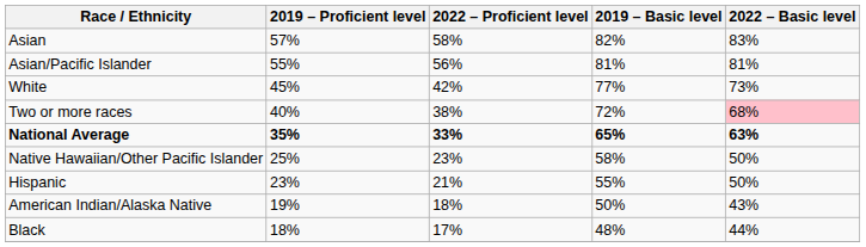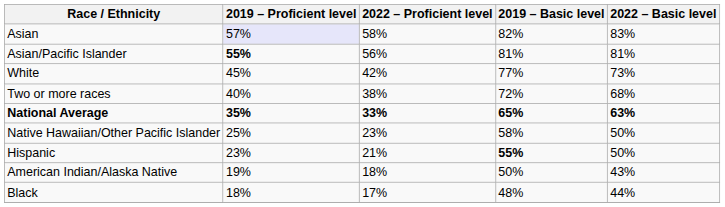 <table class="wikitable sortable">
 <tr>
 <th class="unsortable">Race / Ethnicity</th>
 <th class="unsortable">2019 – Proficient level</th>
 <th class="unsortable">2022 – Proficient level</th>
 <th class="unsortable">2019 – Basic level</th>
 <th class="unsortable">2022 – Basic level</th>
 </tr>
 <tr>
 <td>Asian</td>
-<td>57%</td>
+<td style="background: lavender;">57%</td>
 <td>58%</td>
 <td>82%</td>
 <td>83%</td>
 </tr>
 <tr>
 <td>Asian/Pacific Islander</td>
-<td>55%</td>
+<td><strong>55%</strong></td>
 <td>56%</td>
 <td>81%</td>
 <td>81%</td>
 </tr>
 <tr>
 <td>White</td>
 <td>45%</td>
 <td>42%</td>
 <td>77%</td>
 <td>73%</td>
 </tr>
 <tr>
 <td>Two or more races</td>
 <td>40%</td>
 <td>38%</td>
 <td>72%</td>
-<td style="background: pink;">68%</td>
+<td>68%</td>
 </tr>
 <tr>
 <td><strong>National Average</strong></td>
 <td><strong>35%</strong></td>
 <td><strong>33%</strong></td>
 <td><strong>65%</strong></td>
 <td><strong>63%</strong></td>
 </tr>
 <tr>
 <td>Native Hawaiian/Other Pacific Islander</td>
 <td>25%</td>
 <td>23%</td>
 <td>58%</td>
 <td>50%</td>
 </tr>
 <tr>
 <td>Hispanic</td>
 <td>23%</td>
 <td>21%</td>
-<td>55%</td>
+<td><strong>55%</strong></td>
 <td>50%</td>
 </tr>
 <tr>
 <td>American Indian/Alaska Native</td>
 <td>19%</td>
 <td>18%</td>
 <td>50%</td>
 <td>43%</td>
 </tr>
 <tr>
 <td>Black</td>
 <td>18%</td>
 <td>17%</td>
 <td>48%</td>
 <td>44%</td>
 </tr>
 <tr>
 </tr>
 </table>
